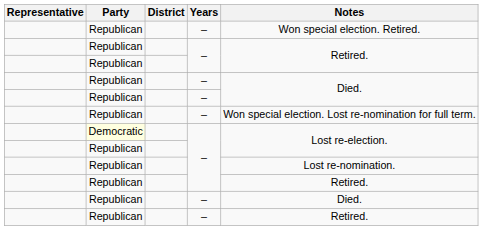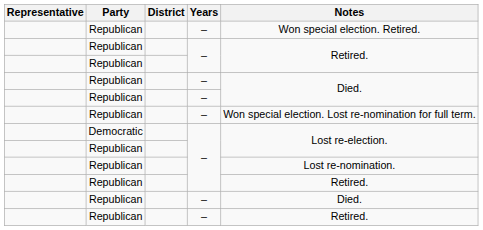 <table class="wikitable sortable" style="text-align:center">
 <tr valign=bottom>
 <th>Representative</th>
 <th>Party</th>
 <th>District</th>
 <th>Years</th>
 <th>Notes</th>
 </tr>
 <tr>
 <td align=left></td>
 <td>Republican</td>
 <td></td>
 <td nowrap> –<br></td>
 <td>Won special election. Retired.</td>
 </tr>
 <tr>
 <td align=left></td>
 <td>Republican</td>
 <td></td>
 <td rowspan="2" nowrap=""> –<br></td>
 <td rowspan="2">Retired.</td>
 </tr>
 <tr>
 <td align=left></td>
 <td>Republican</td>
 <td></td>
 </tr>
 <tr>
 <td align=left></td>
 <td>Republican</td>
 <td></td>
 <td nowrap> –<br></td>
 <td rowspan="2">Died.</td>
 </tr>
 <tr>
 <td align=left></td>
 <td>Republican</td>
 <td></td>
 <td nowrap> –<br></td>
 </tr>
 <tr>
 <td align=left></td>
 <td>Republican</td>
 <td></td>
 <td nowrap> –<br></td>
 <td>Won special election. Lost re-nomination for full term.</td>
 </tr>
 <tr>
 <td align=left></td>
-<td style="background: lightyellow;">Democratic</td>
+<td>Democratic</td>
 <td></td>
 <td rowspan="4" nowrap=""> –<br></td>
 <td rowspan="2">Lost re-election.</td>
 </tr>
 <tr>
 <td align=left></td>
 <td>Republican</td>
 <td></td>
 </tr>
 <tr>
 <td align=left></td>
 <td>Republican</td>
 <td></td>
 <td>Lost re-nomination.</td>
 </tr>
 <tr>
 <td align=left></td>
 <td>Republican</td>
 <td></td>
 <td>Retired.</td>
 </tr>
 <tr>
 <td align=left></td>
 <td>Republican</td>
 <td></td>
 <td nowrap> –<br></td>
 <td>Died.</td>
 </tr>
 <tr>
 <td align=left></td>
 <td>Republican</td>
 <td></td>
 <td nowrap> –<br></td>
 <td>Retired.</td>
 </tr>
 </table>
